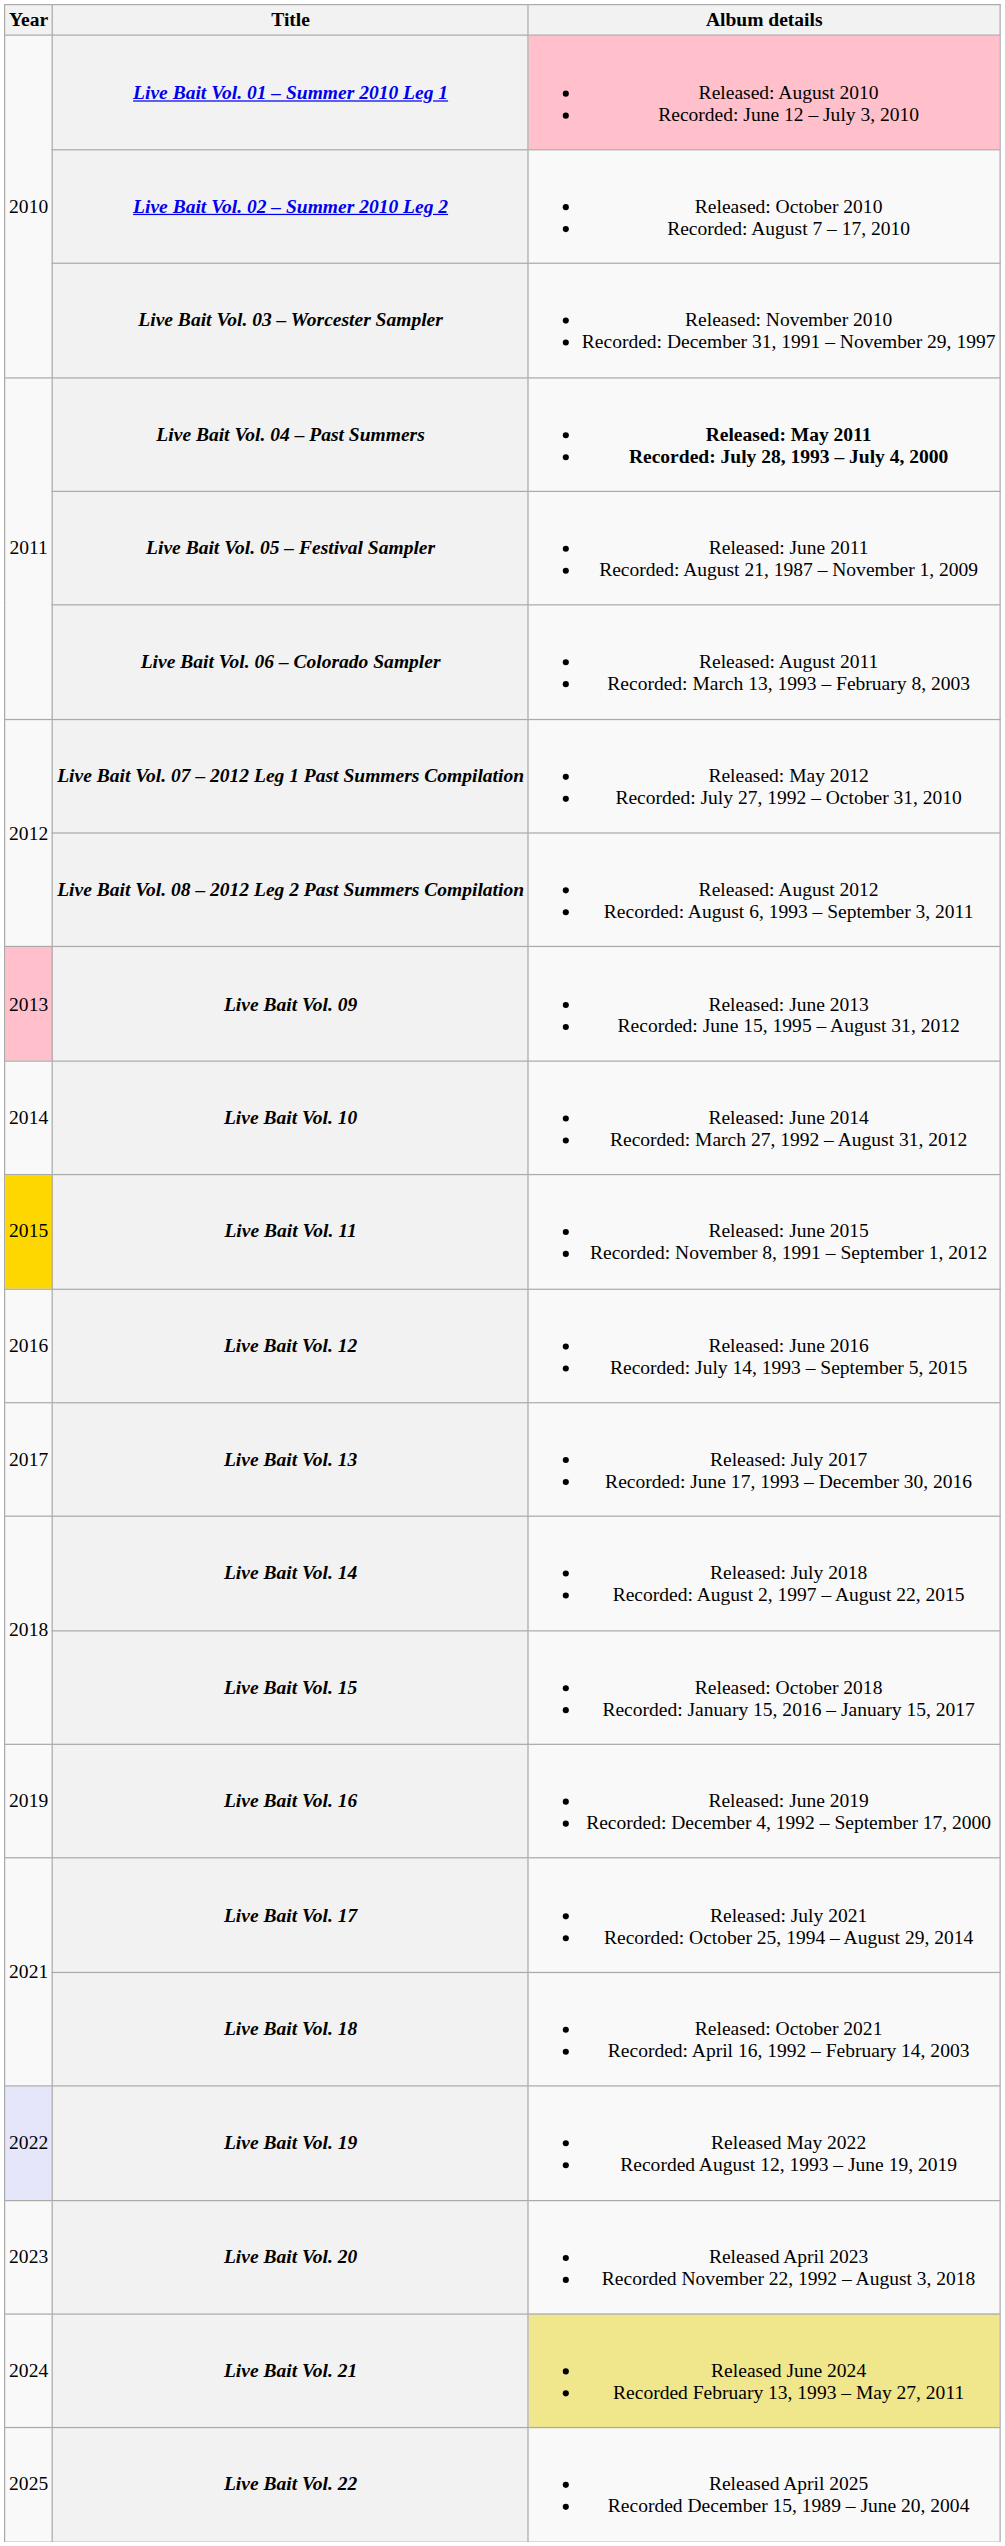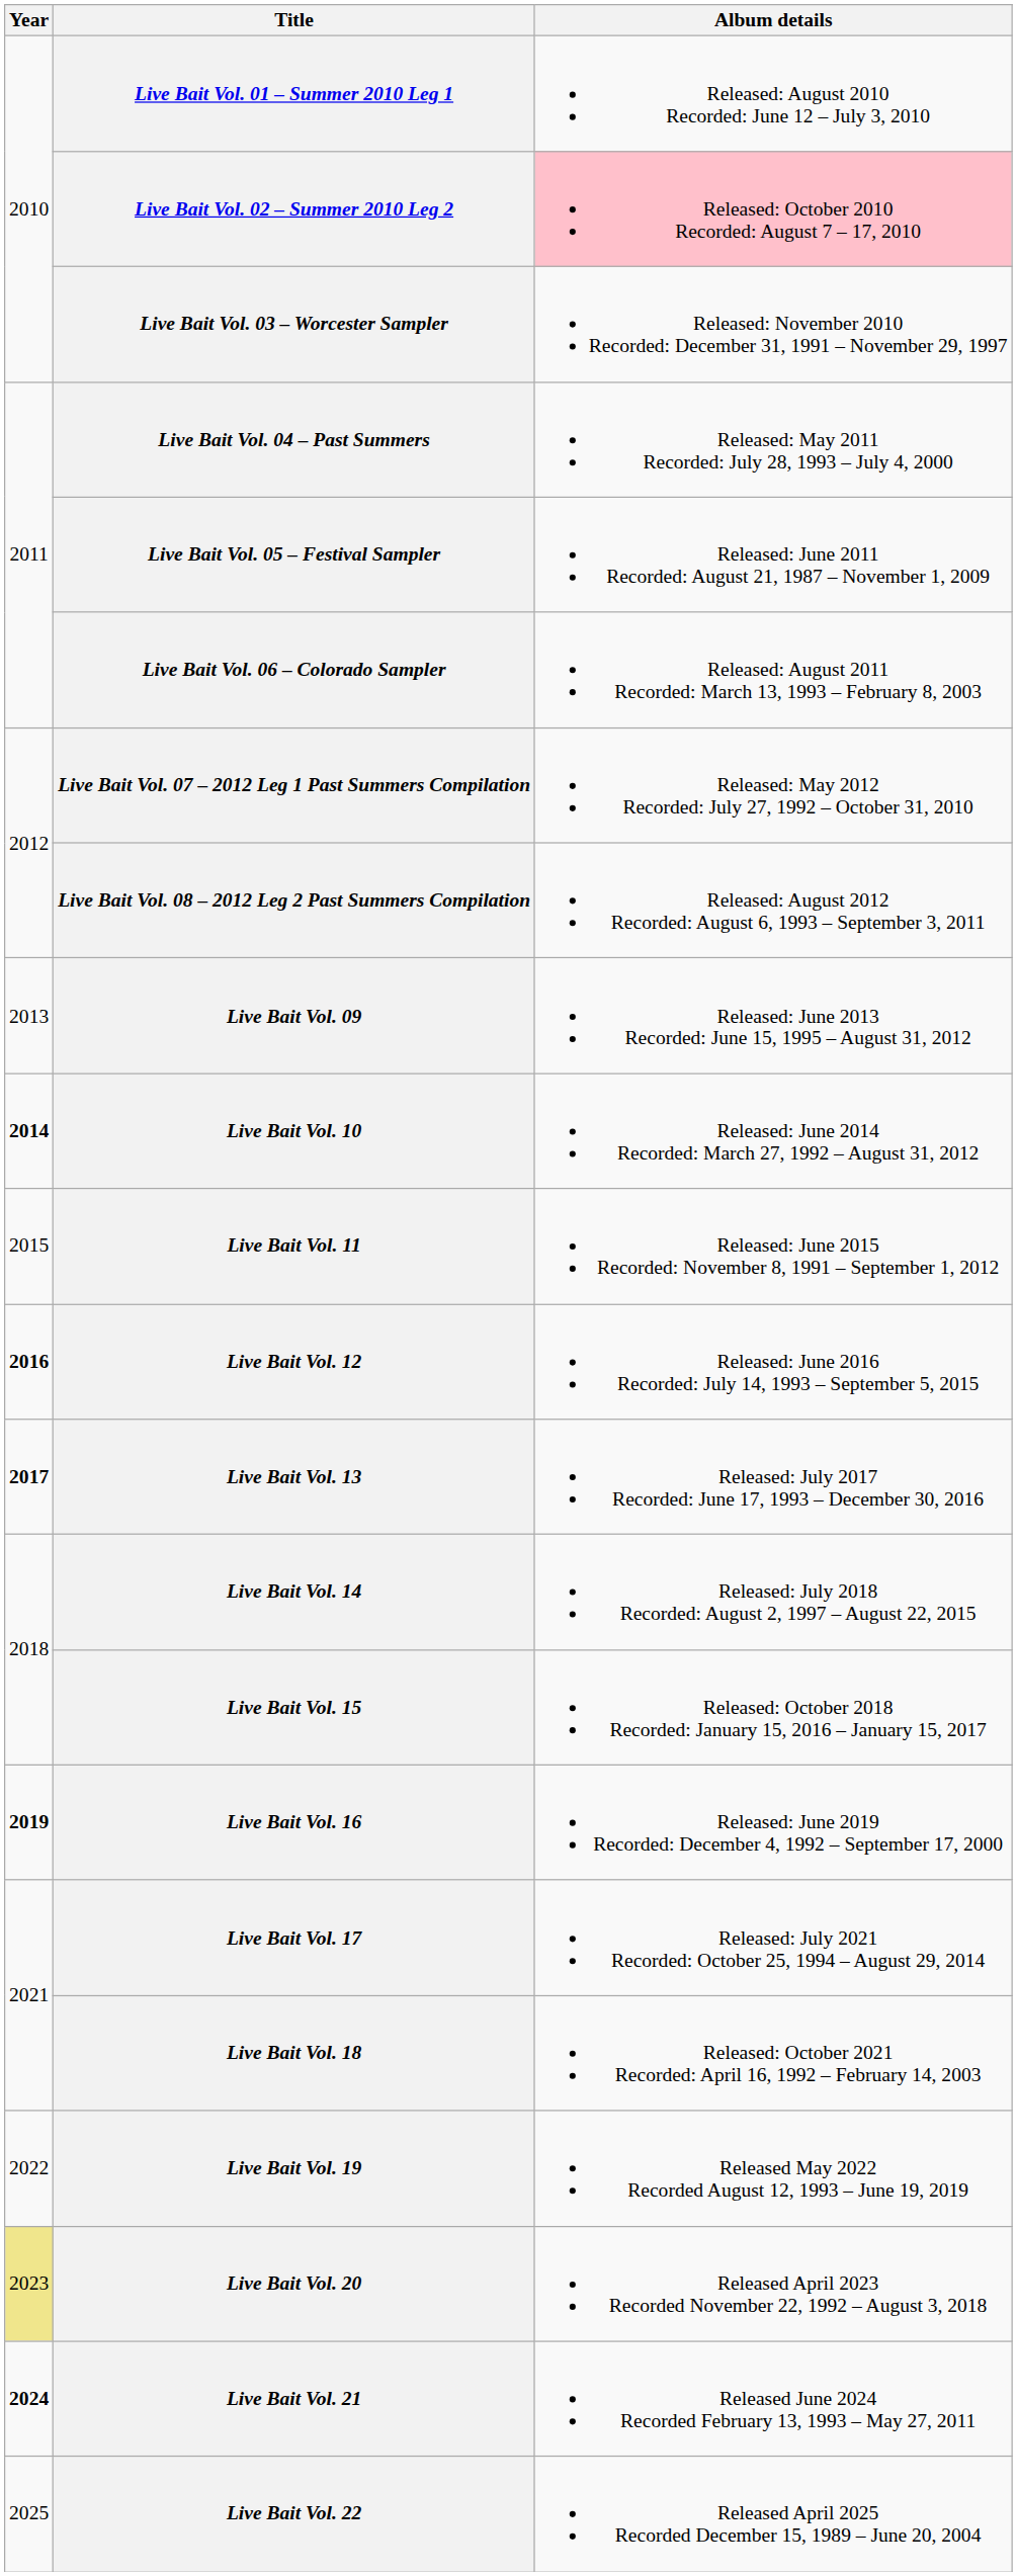 <table class="wikitable plainrowheaders" style="text-align:center;" border="1">
 <tr>
 <th scope="col">Year</th>
 <th scope="col">Title</th>
 <th scope="col">Album details</th>
 </tr>
 <tr>
 <td rowspan=3>2010</td>
 <th scope="row"><em><a href='#'>Live Bait Vol. 01 – Summer 2010 Leg 1</a></em></th>
-<td style="background: pink;"><br><ul><li>Released: August 2010</li><li>Recorded: June 12 – July 3, 2010</li></ul></td>
+<td><br><ul><li>Released: August 2010</li><li>Recorded: June 12 – July 3, 2010</li></ul></td>
 </tr>
 <tr>
 <th scope="row"><em><a href='#'>Live Bait Vol. 02 – Summer 2010 Leg 2</a></em></th>
-<td><br><ul><li>Released: October 2010</li><li>Recorded: August 7 – 17, 2010</li></ul></td>
+<td style="background: pink;"><br><ul><li>Released: October 2010</li><li>Recorded: August 7 – 17, 2010</li></ul></td>
 </tr>
 <tr>
 <th scope="row"><em>Live Bait Vol. 03 – Worcester Sampler</em></th>
 <td><br><ul><li>Released: November 2010</li><li>Recorded: December 31, 1991 – November 29, 1997</li></ul></td>
 </tr>
 <tr>
 <td rowspan=3>2011</td>
 <th scope="row"><em>Live Bait Vol. 04 – Past Summers</em></th>
-<td><strong><br><ul><li>Released: May 2011</li><li>Recorded: July 28, 1993 – July 4, 2000</li></ul></strong></td>
+<td><br><ul><li>Released: May 2011</li><li>Recorded: July 28, 1993 – July 4, 2000</li></ul></td>
 </tr>
 <tr>
 <th scope="row"><em>Live Bait Vol. 05 – Festival Sampler</em></th>
 <td><br><ul><li>Released: June 2011</li><li>Recorded: August 21, 1987 – November 1, 2009</li></ul></td>
 </tr>
 <tr>
 <th scope="row"><em>Live Bait Vol. 06 – Colorado Sampler</em></th>
 <td><br><ul><li>Released: August 2011</li><li>Recorded: March 13, 1993 – February 8, 2003</li></ul></td>
 </tr>
 <tr>
 <td rowspan=2>2012</td>
 <th scope="row"><em>Live Bait Vol. 07 – 2012 Leg 1 Past Summers Compilation</em></th>
 <td><br><ul><li>Released: May 2012</li><li>Recorded: July 27, 1992 – October 31, 2010</li></ul></td>
 </tr>
 <tr>
 <th scope="row"><em>Live Bait Vol. 08 – 2012 Leg 2 Past Summers Compilation</em></th>
 <td><br><ul><li>Released: August 2012</li><li>Recorded: August 6, 1993 – September 3, 2011</li></ul></td>
 </tr>
 <tr>
-<td style="background: pink;">2013</td>
+<td>2013</td>
 <th scope="row"><em>Live Bait Vol. 09</em></th>
 <td><br><ul><li>Released: June 2013</li><li>Recorded: June 15, 1995 – August 31, 2012</li></ul></td>
 </tr>
 <tr>
-<td>2014</td>
+<td><strong>2014</strong></td>
 <th scope="row"><em>Live Bait Vol. 10</em></th>
 <td><br><ul><li>Released: June 2014</li><li>Recorded: March 27, 1992 – August 31, 2012</li></ul></td>
 </tr>
 <tr>
-<td style="background: gold;">2015</td>
+<td>2015</td>
 <th scope="row"><em>Live Bait Vol. 11</em></th>
 <td><br><ul><li>Released: June 2015</li><li>Recorded: November 8, 1991 – September 1, 2012</li></ul></td>
 </tr>
 <tr>
-<td>2016</td>
+<td><strong>2016</strong></td>
 <th scope="row"><em>Live Bait Vol. 12</em></th>
 <td><br><ul><li>Released: June 2016</li><li>Recorded: July 14, 1993 – September 5, 2015</li></ul></td>
 </tr>
 <tr>
-<td>2017</td>
+<td><strong>2017</strong></td>
 <th scope="row"><em>Live Bait Vol. 13</em></th>
 <td><br><ul><li>Released: July 2017</li><li>Recorded: June 17, 1993 – December 30, 2016</li></ul></td>
 </tr>
 <tr>
 <td rowspan=2>2018</td>
 <th scope="row"><em>Live Bait Vol. 14</em></th>
 <td><br><ul><li>Released: July 2018</li><li>Recorded: August 2, 1997 – August 22, 2015</li></ul></td>
 </tr>
 <tr>
 <th scope="row"><em>Live Bait Vol. 15</em></th>
 <td><br><ul><li>Released: October 2018</li><li>Recorded: January 15, 2016 – January 15, 2017</li></ul></td>
 </tr>
 <tr>
-<td>2019</td>
+<td><strong>2019</strong></td>
 <th scope="row"><em>Live Bait Vol. 16</em></th>
 <td><br><ul><li>Released: June 2019</li><li>Recorded: December 4, 1992 – September 17, 2000</li></ul></td>
 </tr>
 <tr>
 <td rowspan=2>2021</td>
 <th scope="row"><em>Live Bait Vol. 17</em></th>
 <td><br><ul><li>Released: July 2021</li><li>Recorded: October 25, 1994 – August 29, 2014</li></ul></td>
 </tr>
 <tr>
 <th scope="row"><em>Live Bait Vol. 18</em></th>
 <td><br><ul><li>Released: October 2021</li><li>Recorded: April 16, 1992 – February 14, 2003</li></ul></td>
 </tr>
 <tr>
-<td style="background: lavender;">2022</td>
+<td>2022</td>
 <th scope="row"><em>Live Bait Vol. 19</em></th>
 <td><br><ul><li>Released May 2022</li><li>Recorded August 12, 1993 – June 19, 2019</li></ul></td>
 </tr>
 <tr>
-<td>2023</td>
+<td style="background: khaki;">2023</td>
 <th scope="row"><em>Live Bait Vol. 20</em></th>
 <td><br><ul><li>Released April 2023</li><li>Recorded November 22, 1992 – August 3, 2018</li></ul></td>
 </tr>
 <tr>
-<td>2024</td>
+<td><strong>2024</strong></td>
 <th scope="row"><em>Live Bait Vol. 21</em></th>
-<td style="background: khaki;"><br><ul><li>Released June 2024</li><li>Recorded February 13, 1993 – May 27, 2011</li></ul></td>
+<td><br><ul><li>Released June 2024</li><li>Recorded February 13, 1993 – May 27, 2011</li></ul></td>
 </tr>
 <tr>
 <td>2025</td>
 <th scope="row"><em>Live Bait Vol. 22</em></th>
 <td><br><ul><li>Released April 2025</li><li>Recorded December 15, 1989 – June 20, 2004</li></ul></td>
 </tr>
 </table>
